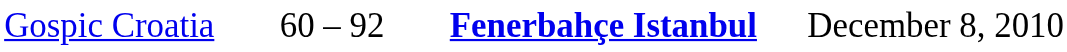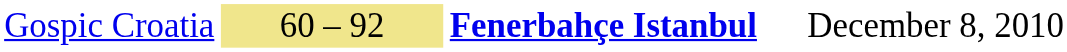 <table style="text-align:center">
 <tr>
 <th width=160></th>
 <th width=100></th>
 <th width=160></th>
 <th width=200></th>
 </tr>
 <tr>
 <td align=right><a href='#'>Gospic Croatia</a> </td>
-<td>60 – 92</td>
+<td style="background: khaki;">60 – 92</td>
 <td align=left> <strong><a href='#'>Fenerbahçe Istanbul</a></strong></td>
 <td align=left>December 8, 2010 </td>
 </tr>
 </table>
